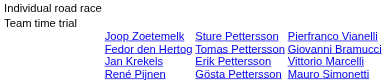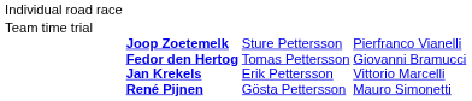 <table>
 <tr>
 <td>Individual road race<br></td>
 <td></td>
 <td></td>
 <td></td>
 </tr>
 <tr valign="top">
 <td>Team time trial<br></td>
-<td><br><a href='#'>Joop Zoetemelk</a><br><a href='#'>Fedor den Hertog</a><br><a href='#'>Jan Krekels</a><br><a href='#'>René Pijnen</a></td>
+<td><strong><br><a href='#'>Joop Zoetemelk</a><br><a href='#'>Fedor den Hertog</a><br><a href='#'>Jan Krekels</a><br><a href='#'>René Pijnen</a></strong></td>
 <td><br><a href='#'>Sture Pettersson</a><br><a href='#'>Tomas Pettersson</a><br><a href='#'>Erik Pettersson</a><br><a href='#'>Gösta Pettersson</a></td>
 <td><br><a href='#'>Pierfranco Vianelli</a><br><a href='#'>Giovanni Bramucci</a><br><a href='#'>Vittorio Marcelli</a><br><a href='#'>Mauro Simonetti</a></td>
 </tr>
 </table>
